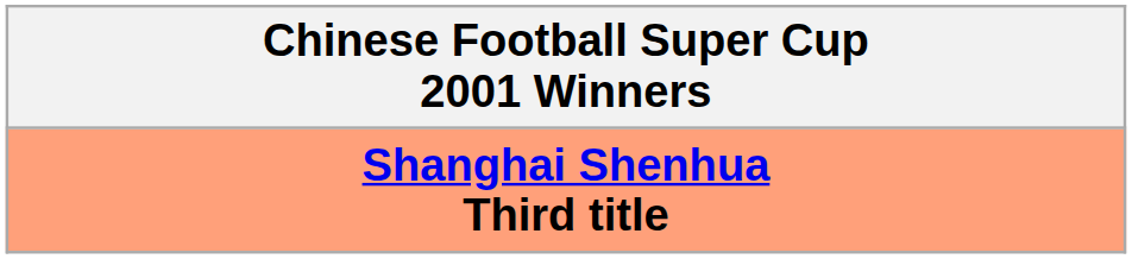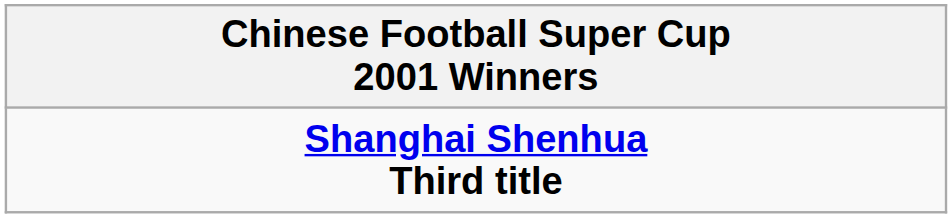 <table class="wikitable" style="text-align: center; margin: 0 auto; width: 20%">
 <tr>
 <th>Chinese Football Super Cup <br>2001 Winners</th>
 </tr>
 <tr>
-<td style="background: lightsalmon;"><strong><a href='#'>Shanghai Shenhua</a></strong><br><strong>Third title</strong></td>
+<td><strong><a href='#'>Shanghai Shenhua</a></strong><br><strong>Third title</strong></td>
 </tr>
 </table>
